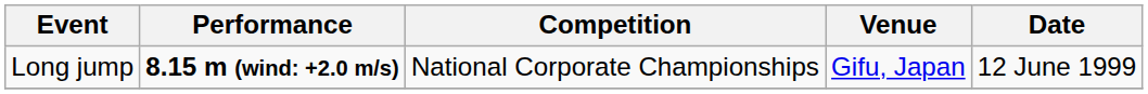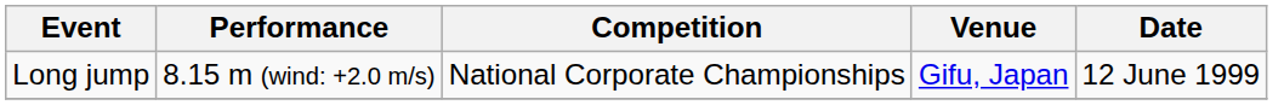 <table class="wikitable" style=text-align:center>
 <tr>
 <th>Event</th>
 <th>Performance</th>
 <th>Competition</th>
 <th>Venue</th>
 <th>Date</th>
 </tr>
 <tr>
 <td>Long jump</td>
-<td><strong>8.15 m <small>(wind: +2.0 m/s)</small></strong></td>
+<td>8.15 m <small>(wind: +2.0 m/s)</small></td>
 <td>National Corporate Championships</td>
 <td><a href='#'>Gifu, Japan</a></td>
 <td>12 June 1999</td>
 </tr>
 <tr>
 </tr>
 </table>
